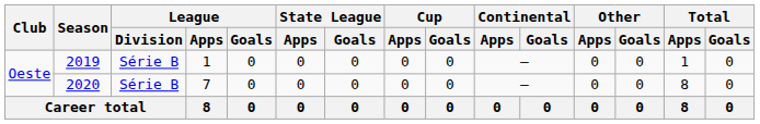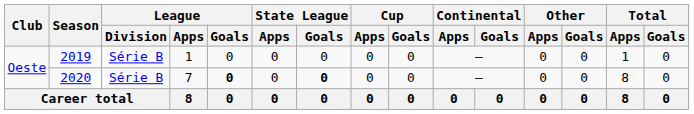 <table class="wikitable" style="text-align: center">
 <tr>
 <th rowspan="2">Club</th>
 <th rowspan="2">Season</th>
 <th colspan="3">League</th>
 <th colspan="2">State League</th>
 <th colspan="2">Cup</th>
 <th colspan="2">Continental</th>
 <th colspan="2">Other</th>
 <th colspan="2">Total</th>
 </tr>
 <tr>
 <th>Division</th>
 <th>Apps</th>
 <th>Goals</th>
 <th>Apps</th>
 <th>Goals</th>
 <th>Apps</th>
 <th>Goals</th>
 <th>Apps</th>
 <th>Goals</th>
 <th>Apps</th>
 <th>Goals</th>
 <th>Apps</th>
 <th>Goals</th>
 </tr>
 <tr>
 <td rowspan=2><a href='#'>Oeste</a></td>
 <td><a href='#'>2019</a></td>
 <td><a href='#'>Série B</a></td>
 <td>1</td>
 <td>0</td>
 <td>0</td>
 <td>0</td>
 <td>0</td>
 <td>0</td>
 <td colspan="2">–</td>
 <td>0</td>
 <td>0</td>
 <td>1</td>
 <td>0</td>
 </tr>
 <tr>
 <td><a href='#'>2020</a></td>
 <td><a href='#'>Série B</a></td>
 <td>7</td>
+<td><strong>0</strong></td>
 <td>0</td>
-<td>0</td>
-<td>0</td>
+<td><strong>0</strong></td>
 <td>0</td>
 <td>0</td>
 <td colspan="2">–</td>
 <td>0</td>
 <td>0</td>
 <td>8</td>
 <td>0</td>
 </tr>
 <tr>
 <th colspan="3"><strong>Career total</strong></th>
 <th>8</th>
 <th>0</th>
 <th>0</th>
 <th>0</th>
 <th>0</th>
 <th>0</th>
 <th>0</th>
 <th>0</th>
 <th>0</th>
 <th>0</th>
 <th>8</th>
 <th>0</th>
 </tr>
 </table>
